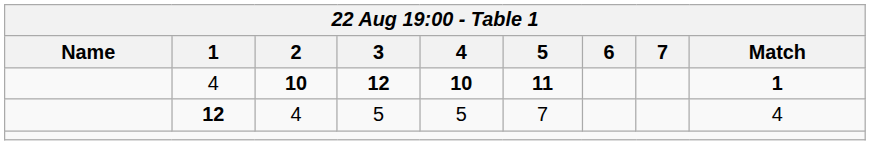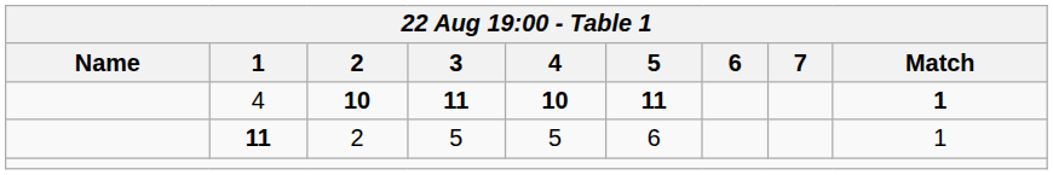 <table class=wikitable style="text-align:center; width: 55%">
 <tr>
 <th colspan=17><em>22 Aug 19:00 - Table 1</em></th>
 </tr>
 <tr>
 <th>Name</th>
 <th>1</th>
 <th>2</th>
 <th>3</th>
 <th>4</th>
 <th>5</th>
 <th>6</th>
 <th>7</th>
 <th>Match</th>
 </tr>
 <tr>
 <td style="text-align:left;"><strong></strong></td>
 <td>4</td>
 <td><strong>10</strong></td>
-<td><strong>12</strong></td>
+<td><strong>11</strong></td>
 <td><strong>10</strong></td>
 <td><strong>11</strong></td>
 <td></td>
 <td></td>
 <td><strong>1</strong></td>
 </tr>
 <tr>
 <td style="text-align:left;"></td>
-<td><strong>12</strong></td>
-<td>4</td>
+<td><strong>11</strong></td>
+<td>2</td>
 <td>5</td>
 <td>5</td>
-<td>7</td>
+<td>6</td>
 <td></td>
 <td></td>
-<td>4</td>
+<td>1</td>
 </tr>
 <tr>
 <td colspan=17></td>
 </tr>
 </table>
